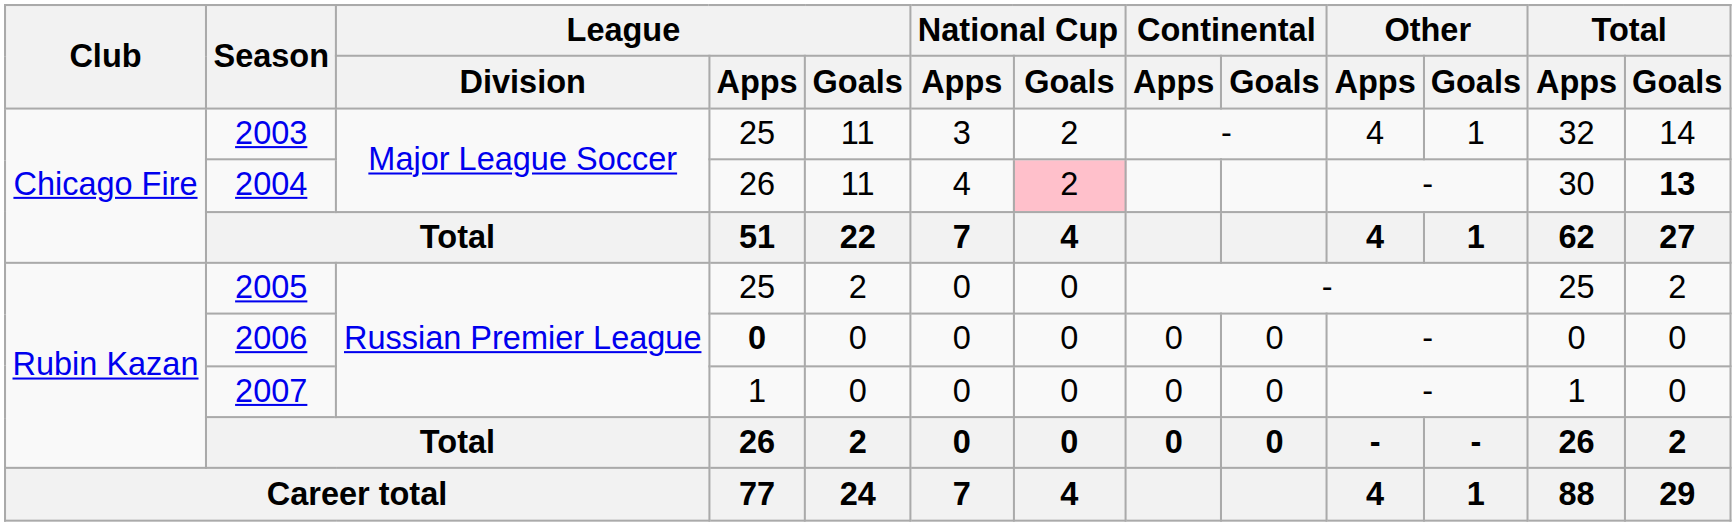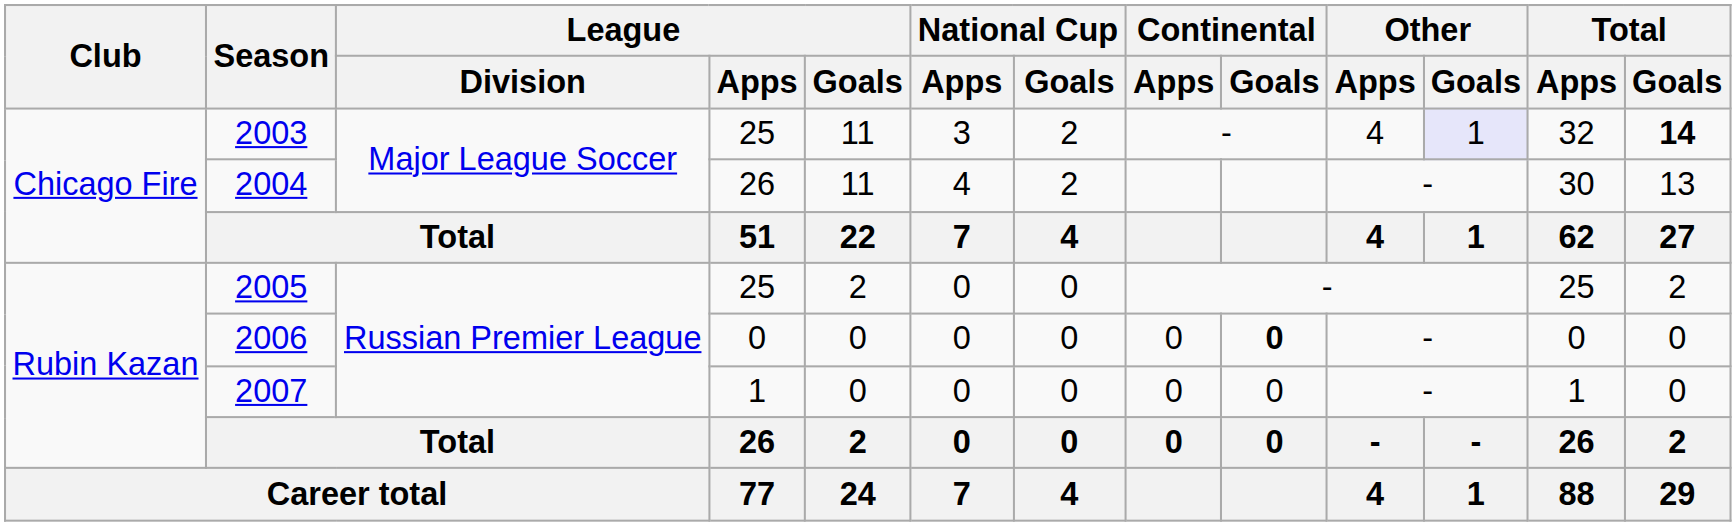 <table class="wikitable" style="text-align: center">
 <tr>
 <th rowspan="2">Club</th>
 <th rowspan="2">Season</th>
 <th colspan="3">League</th>
 <th colspan="2">National Cup</th>
 <th colspan="2">Continental</th>
 <th colspan="2">Other</th>
 <th colspan="2">Total</th>
 </tr>
 <tr>
 <th>Division</th>
 <th>Apps</th>
 <th>Goals</th>
 <th>Apps</th>
 <th>Goals</th>
 <th>Apps</th>
 <th>Goals</th>
 <th>Apps</th>
 <th>Goals</th>
 <th>Apps</th>
 <th>Goals</th>
 </tr>
 <tr>
 <td rowspan="3"><a href='#'>Chicago Fire</a></td>
 <td><a href='#'>2003</a></td>
 <td rowspan="2"><a href='#'>Major League Soccer</a></td>
 <td>25</td>
 <td>11</td>
 <td>3</td>
 <td>2</td>
 <td colspan="2">-</td>
 <td>4</td>
-<td>1</td>
+<td style="background: lavender;">1</td>
 <td>32</td>
-<td>14</td>
+<td><strong>14</strong></td>
 </tr>
 <tr>
 <td><a href='#'>2004</a></td>
 <td>26</td>
 <td>11</td>
 <td>4</td>
-<td style="background: pink;">2</td>
+<td>2</td>
 <td></td>
 <td></td>
 <td colspan="2">-</td>
 <td>30</td>
-<td><strong>13</strong></td>
+<td>13</td>
 </tr>
 <tr>
 <th colspan="2">Total</th>
 <th>51</th>
 <th>22</th>
 <th>7</th>
 <th>4</th>
 <th></th>
 <th></th>
 <th>4</th>
 <th>1</th>
 <th>62</th>
 <th>27</th>
 </tr>
 <tr>
 <td rowspan="4"><a href='#'>Rubin Kazan</a></td>
 <td><a href='#'>2005</a></td>
 <td rowspan="3"><a href='#'>Russian Premier League</a></td>
 <td>25</td>
 <td>2</td>
 <td>0</td>
 <td>0</td>
 <td colspan="4">-</td>
 <td>25</td>
 <td>2</td>
 </tr>
 <tr>
 <td><a href='#'>2006</a></td>
-<td><strong>0</strong></td>
 <td>0</td>
 <td>0</td>
 <td>0</td>
 <td>0</td>
 <td>0</td>
+<td><strong>0</strong></td>
 <td colspan="2">-</td>
 <td>0</td>
 <td>0</td>
 </tr>
 <tr>
 <td><a href='#'>2007</a></td>
 <td>1</td>
 <td>0</td>
 <td>0</td>
 <td>0</td>
 <td>0</td>
 <td>0</td>
 <td colspan="2">-</td>
 <td>1</td>
 <td>0</td>
 </tr>
 <tr>
 <th colspan="2">Total</th>
 <th>26</th>
 <th>2</th>
 <th>0</th>
 <th>0</th>
 <th>0</th>
 <th>0</th>
 <th>-</th>
 <th>-</th>
 <th>26</th>
 <th>2</th>
 </tr>
 <tr>
 <th colspan="3">Career total</th>
 <th>77</th>
 <th>24</th>
 <th>7</th>
 <th>4</th>
 <th></th>
 <th></th>
 <th>4</th>
 <th>1</th>
 <th>88</th>
 <th>29</th>
 </tr>
 </table>
